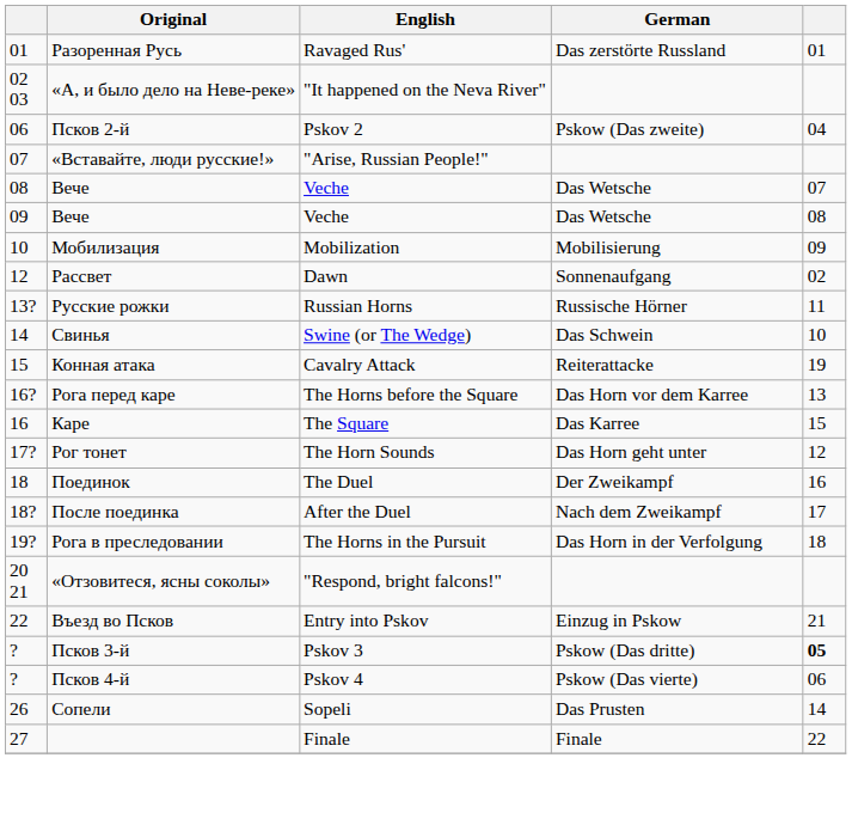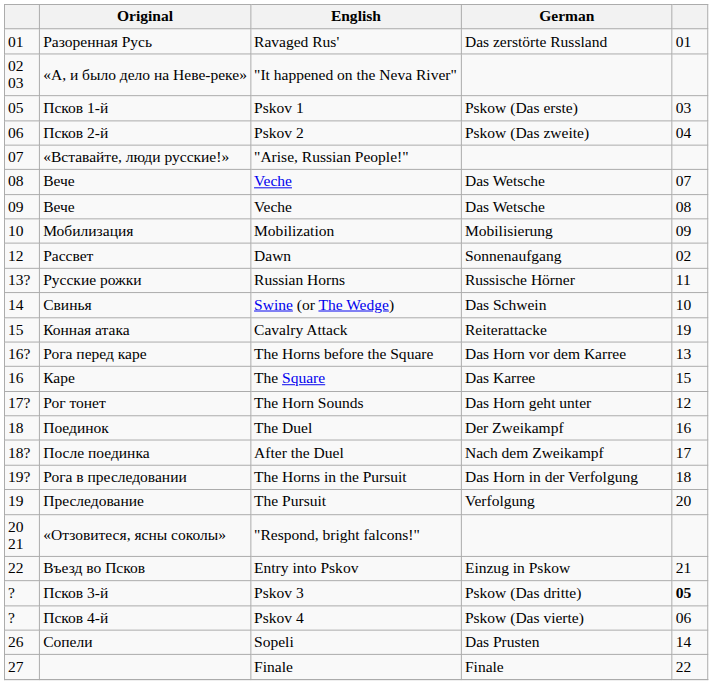 <table class="wikitable sortable" style="text-align: left;">
 <tr>
 <th style="width:5%;"></th>
 <th style="width:30%;">Original</th>
 <th style="width:30%;">English</th>
 <th style="width:30%;">German</th>
 <th style="width:5%;"></th>
 </tr>
 <tr>
 <td>01</td>
 <td>Разоренная Русь</td>
 <td>Ravaged Rus'</td>
 <td>Das zerstörte Russland</td>
 <td>01</td>
 </tr>
 <tr>
 <td>02<br>03</td>
 <td>«А, и было дело на Неве-реке»</td>
 <td>"It happened on the Neva River"</td>
 <td></td>
 <td></td>
+</tr>
+<tr>
+<td>05</td>
+<td>Псков 1-й</td>
+<td>Pskov 1</td>
+<td>Pskow (Das erste)</td>
+<td>03</td>
 </tr>
 <tr>
 <td>06</td>
 <td>Псков 2-й</td>
 <td>Pskov 2</td>
 <td>Pskow (Das zweite)</td>
 <td>04</td>
 </tr>
 <tr>
 <td>07</td>
 <td>«Вставайте, люди русские!»</td>
 <td>"Аrise, Russian People!"</td>
 <td></td>
 <td></td>
 </tr>
 <tr>
 <td>08</td>
 <td>Вече</td>
 <td><a href='#'>Veche</a></td>
 <td>Das Wetsche</td>
 <td>07</td>
 </tr>
 <tr>
 <td>09</td>
 <td>Вече</td>
 <td>Veche</td>
 <td>Das Wetsche</td>
 <td>08</td>
 </tr>
 <tr>
 <td>10</td>
 <td>Мобилизация</td>
 <td>Mobilization</td>
 <td>Mobilisierung</td>
 <td>09</td>
 </tr>
 <tr>
 <td>12</td>
 <td>Рассвет</td>
 <td>Dawn</td>
 <td>Sonnenaufgang</td>
 <td>02</td>
 </tr>
 <tr>
 <td>13?</td>
 <td>Русские рожки</td>
 <td>Russian Horns</td>
 <td>Russische Hörner</td>
 <td>11</td>
 </tr>
 <tr>
 <td>14</td>
 <td>Свинья</td>
 <td><a href='#'>Swine</a> (or <a href='#'>The Wedge</a>)</td>
 <td>Das Schwein</td>
 <td>10</td>
 </tr>
 <tr>
 <td>15</td>
 <td>Конная атака</td>
 <td>Cavalry Attack</td>
 <td>Reiterattacke</td>
 <td>19</td>
 </tr>
 <tr>
 <td>16?</td>
 <td>Рога перед каре</td>
 <td>The Horns before the Square</td>
 <td>Das Horn vor dem Karree</td>
 <td>13</td>
 </tr>
 <tr>
 <td>16</td>
 <td>Каре</td>
 <td>The <a href='#'>Square</a></td>
 <td>Das Karree</td>
 <td>15</td>
 </tr>
 <tr>
 <td>17?</td>
 <td>Рог тонет</td>
 <td>The Horn Sounds</td>
 <td>Das Horn geht unter</td>
 <td>12</td>
 </tr>
 <tr>
 <td>18</td>
 <td>Поединок</td>
 <td>The Duel</td>
 <td>Der Zweikampf</td>
 <td>16</td>
 </tr>
 <tr>
 <td>18?</td>
 <td>После поединка</td>
 <td>After the Duel</td>
 <td>Nach dem Zweikampf</td>
 <td>17</td>
 </tr>
 <tr>
 <td>19?</td>
 <td>Рога в преследовании</td>
 <td>The Horns in the Pursuit</td>
 <td>Das Horn in der Verfolgung</td>
 <td>18</td>
 </tr>
 <tr>
+<td>19</td>
+<td>Преследование</td>
+<td>The Pursuit</td>
+<td>Verfolgung</td>
+<td>20</td>
+</tr>
+<tr>
 <td>20<br>21</td>
 <td>«Отзовитеся, ясны соколы»</td>
 <td>"Respond, bright falcons!"</td>
 <td></td>
 <td></td>
 </tr>
 <tr>
 <td>22</td>
 <td>Въезд во Псков</td>
 <td>Entry into Pskov</td>
 <td>Einzug in Pskow</td>
 <td>21</td>
 </tr>
 <tr>
 <td>?</td>
 <td>Псков 3-й</td>
 <td>Pskov 3</td>
 <td>Pskow (Das dritte)</td>
 <td><strong>05</strong></td>
 </tr>
 <tr>
 <td>?</td>
 <td>Псков 4-й</td>
 <td>Pskov 4</td>
 <td>Pskow (Das vierte)</td>
 <td>06</td>
 </tr>
 <tr>
 <td>26</td>
 <td>Сопели</td>
 <td>Sopeli</td>
 <td>Das Prusten</td>
 <td>14</td>
 </tr>
 <tr>
 <td>27</td>
 <td></td>
 <td>Finale</td>
 <td>Finale</td>
 <td>22</td>
 </tr>
 <tr>
 </tr>
 </table>
